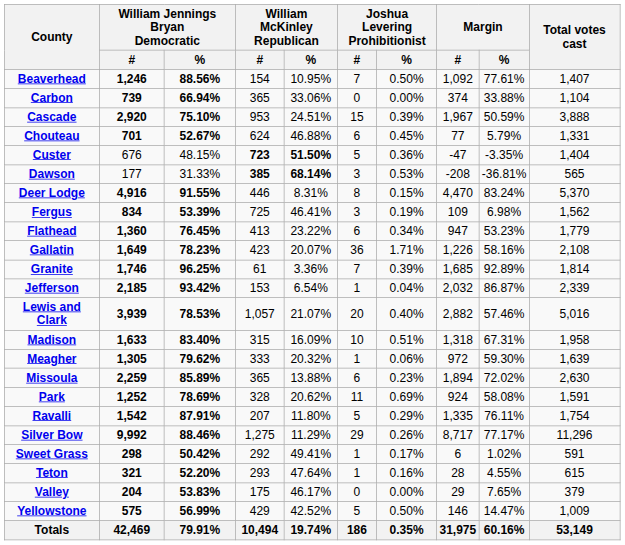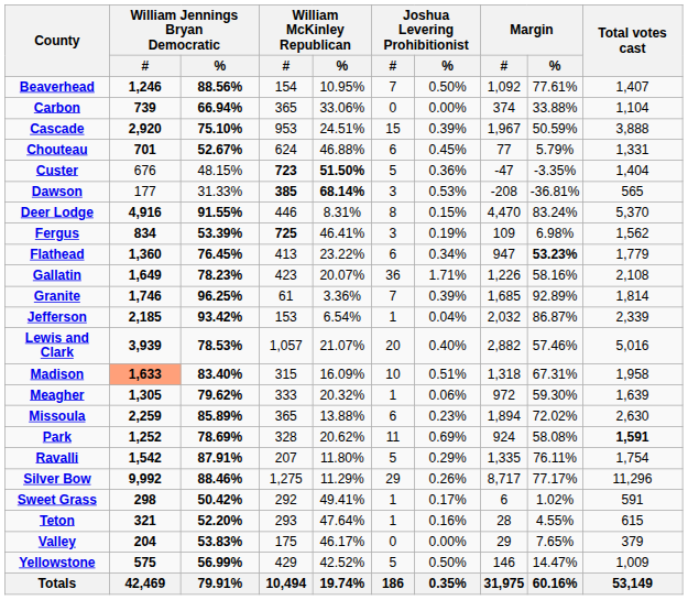 <table width="65%"  class="wikitable sortable" style="text-align:center">
 <tr>
 <th colspan="1" rowspan="2">County</th>
 <th style="text-align:center;" colspan="2">William Jennings Bryan<br>Democratic</th>
 <th style="text-align:center;" colspan="2">William McKinley<br>Republican</th>
 <th style="text-align:center;" colspan="2">Joshua Levering<br>Prohibitionist</th>
 <th style="text-align:center;" colspan="2">Margin</th>
 <th colspan="1" rowspan="2" style="text-align:center;">Total votes cast</th>
 </tr>
 <tr>
 <th style="text-align:center;" data-sort-type="number">#</th>
 <th style="text-align:center;" data-sort-type="number">%</th>
 <th style="text-align:center;" data-sort-type="number">#</th>
 <th style="text-align:center;" data-sort-type="number">%</th>
 <th style="text-align:center;" data-sort-type="number">#</th>
 <th style="text-align:center;" data-sort-type="number">%</th>
 <th style="text-align:center;" data-sort-type="number">#</th>
 <th style="text-align:center;" data-sort-type="number">%</th>
 </tr>
 <tr style="text-align:center;">
 <td><strong><a href='#'>Beaverhead</a></strong></td>
 <td><strong>1,246</strong></td>
 <td><strong>88.56%</strong></td>
 <td>154</td>
 <td>10.95%</td>
 <td>7</td>
 <td>0.50%</td>
 <td>1,092</td>
 <td>77.61%</td>
 <td>1,407</td>
 </tr>
 <tr style="text-align:center;">
 <td><strong><a href='#'>Carbon</a></strong></td>
 <td><strong>739</strong></td>
 <td><strong>66.94%</strong></td>
 <td>365</td>
 <td>33.06%</td>
 <td>0</td>
 <td>0.00%</td>
 <td>374</td>
 <td>33.88%</td>
 <td>1,104</td>
 </tr>
 <tr style="text-align:center;">
 <td><strong><a href='#'>Cascade</a></strong></td>
 <td><strong>2,920</strong></td>
 <td><strong>75.10%</strong></td>
 <td>953</td>
 <td>24.51%</td>
 <td>15</td>
 <td>0.39%</td>
 <td>1,967</td>
 <td>50.59%</td>
 <td>3,888</td>
 </tr>
 <tr style="text-align:center;">
 <td><strong><a href='#'>Chouteau</a></strong></td>
 <td><strong>701</strong></td>
 <td><strong>52.67%</strong></td>
 <td>624</td>
 <td>46.88%</td>
 <td>6</td>
 <td>0.45%</td>
 <td>77</td>
 <td>5.79%</td>
 <td>1,331</td>
 </tr>
 <tr style="text-align:center;">
 <td><strong><a href='#'>Custer</a></strong></td>
 <td>676</td>
 <td>48.15%</td>
 <td><strong>723</strong></td>
 <td><strong>51.50%</strong></td>
 <td>5</td>
 <td>0.36%</td>
 <td>-47</td>
 <td>-3.35%</td>
 <td>1,404</td>
 </tr>
 <tr style="text-align:center;">
 <td><strong><a href='#'>Dawson</a></strong></td>
 <td>177</td>
 <td>31.33%</td>
 <td><strong>385</strong></td>
 <td><strong>68.14%</strong></td>
 <td>3</td>
 <td>0.53%</td>
 <td>-208</td>
 <td>-36.81%</td>
 <td>565</td>
 </tr>
 <tr style="text-align:center;">
 <td><strong><a href='#'>Deer Lodge</a></strong></td>
 <td><strong>4,916</strong></td>
 <td><strong>91.55%</strong></td>
 <td>446</td>
 <td>8.31%</td>
 <td>8</td>
 <td>0.15%</td>
 <td>4,470</td>
 <td>83.24%</td>
 <td>5,370</td>
 </tr>
 <tr style="text-align:center;">
 <td><strong><a href='#'>Fergus</a></strong></td>
 <td><strong>834</strong></td>
 <td><strong>53.39%</strong></td>
-<td>725</td>
+<td><strong>725</strong></td>
 <td>46.41%</td>
 <td>3</td>
 <td>0.19%</td>
 <td>109</td>
 <td>6.98%</td>
 <td>1,562</td>
 </tr>
 <tr style="text-align:center;">
 <td><strong><a href='#'>Flathead</a></strong></td>
 <td><strong>1,360</strong></td>
 <td><strong>76.45%</strong></td>
 <td>413</td>
 <td>23.22%</td>
 <td>6</td>
 <td>0.34%</td>
 <td>947</td>
-<td>53.23%</td>
+<td><strong>53.23%</strong></td>
 <td>1,779</td>
 </tr>
 <tr style="text-align:center;">
 <td><strong><a href='#'>Gallatin</a></strong></td>
 <td><strong>1,649</strong></td>
 <td><strong>78.23%</strong></td>
 <td>423</td>
 <td>20.07%</td>
 <td>36</td>
 <td>1.71%</td>
 <td>1,226</td>
 <td>58.16%</td>
 <td>2,108</td>
 </tr>
 <tr style="text-align:center;">
 <td><strong><a href='#'>Granite</a></strong></td>
 <td><strong>1,746</strong></td>
 <td><strong>96.25%</strong></td>
 <td>61</td>
 <td>3.36%</td>
 <td>7</td>
 <td>0.39%</td>
 <td>1,685</td>
 <td>92.89%</td>
 <td>1,814</td>
 </tr>
 <tr style="text-align:center;">
 <td><strong><a href='#'>Jefferson</a></strong></td>
 <td><strong>2,185</strong></td>
 <td><strong>93.42%</strong></td>
 <td>153</td>
 <td>6.54%</td>
 <td>1</td>
 <td>0.04%</td>
 <td>2,032</td>
 <td>86.87%</td>
 <td>2,339</td>
 </tr>
 <tr style="text-align:center;">
 <td><strong><a href='#'>Lewis and Clark</a></strong></td>
 <td><strong>3,939</strong></td>
 <td><strong>78.53%</strong></td>
 <td>1,057</td>
 <td>21.07%</td>
 <td>20</td>
 <td>0.40%</td>
 <td>2,882</td>
 <td>57.46%</td>
 <td>5,016</td>
 </tr>
 <tr style="text-align:center;">
 <td><strong><a href='#'>Madison</a></strong></td>
-<td><strong>1,633</strong></td>
+<td style="background: lightsalmon;"><strong>1,633</strong></td>
 <td><strong>83.40%</strong></td>
 <td>315</td>
 <td>16.09%</td>
 <td>10</td>
 <td>0.51%</td>
 <td>1,318</td>
 <td>67.31%</td>
 <td>1,958</td>
 </tr>
 <tr style="text-align:center;">
 <td><strong><a href='#'>Meagher</a></strong></td>
 <td><strong>1,305</strong></td>
 <td><strong>79.62%</strong></td>
 <td>333</td>
 <td>20.32%</td>
 <td>1</td>
 <td>0.06%</td>
 <td>972</td>
 <td>59.30%</td>
 <td>1,639</td>
 </tr>
 <tr style="text-align:center;">
 <td><strong><a href='#'>Missoula</a></strong></td>
 <td><strong>2,259</strong></td>
 <td><strong>85.89%</strong></td>
 <td>365</td>
 <td>13.88%</td>
 <td>6</td>
 <td>0.23%</td>
 <td>1,894</td>
 <td>72.02%</td>
 <td>2,630</td>
 </tr>
 <tr style="text-align:center;">
 <td><strong><a href='#'>Park</a></strong></td>
 <td><strong>1,252</strong></td>
 <td><strong>78.69%</strong></td>
 <td>328</td>
 <td>20.62%</td>
 <td>11</td>
 <td>0.69%</td>
 <td>924</td>
 <td>58.08%</td>
-<td>1,591</td>
+<td><strong>1,591</strong></td>
 </tr>
 <tr style="text-align:center;">
 <td><strong><a href='#'>Ravalli</a></strong></td>
 <td><strong>1,542</strong></td>
 <td><strong>87.91%</strong></td>
 <td>207</td>
 <td>11.80%</td>
 <td>5</td>
 <td>0.29%</td>
 <td>1,335</td>
 <td>76.11%</td>
 <td>1,754</td>
 </tr>
 <tr style="text-align:center;">
 <td><strong><a href='#'>Silver Bow</a></strong></td>
 <td><strong>9,992</strong></td>
 <td><strong>88.46%</strong></td>
 <td>1,275</td>
 <td>11.29%</td>
 <td>29</td>
 <td>0.26%</td>
 <td>8,717</td>
 <td>77.17%</td>
 <td>11,296</td>
 </tr>
 <tr style="text-align:center;">
 <td><strong><a href='#'>Sweet Grass</a></strong></td>
 <td><strong>298</strong></td>
 <td><strong>50.42%</strong></td>
 <td>292</td>
 <td>49.41%</td>
 <td>1</td>
 <td>0.17%</td>
 <td>6</td>
 <td>1.02%</td>
 <td>591</td>
 </tr>
 <tr style="text-align:center;">
 <td><strong><a href='#'>Teton</a></strong></td>
 <td><strong>321</strong></td>
 <td><strong>52.20%</strong></td>
 <td>293</td>
 <td>47.64%</td>
 <td>1</td>
 <td>0.16%</td>
 <td>28</td>
 <td>4.55%</td>
 <td>615</td>
 </tr>
 <tr style="text-align:center;">
 <td><strong><a href='#'>Valley</a></strong></td>
 <td><strong>204</strong></td>
 <td><strong>53.83%</strong></td>
 <td>175</td>
 <td>46.17%</td>
 <td>0</td>
 <td>0.00%</td>
 <td>29</td>
 <td>7.65%</td>
 <td>379</td>
 </tr>
 <tr style="text-align:center;">
 <td><strong><a href='#'>Yellowstone</a></strong></td>
 <td><strong>575</strong></td>
 <td><strong>56.99%</strong></td>
 <td>429</td>
 <td>42.52%</td>
 <td>5</td>
 <td>0.50%</td>
 <td>146</td>
 <td>14.47%</td>
 <td>1,009</td>
 </tr>
 <tr style="text-align:center;">
 <th>Totals</th>
 <th>42,469</th>
 <th>79.91%</th>
 <th>10,494</th>
 <th>19.74%</th>
 <th>186</th>
 <th>0.35%</th>
 <th>31,975</th>
 <th>60.16%</th>
 <th>53,149</th>
 </tr>
 </table>
